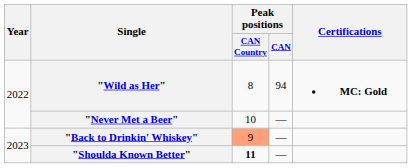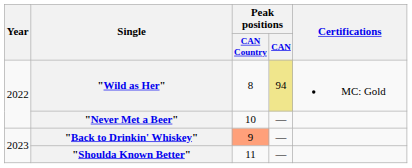 <table class="wikitable plainrowheaders" style="text-align:center;">
 <tr>
 <th rowspan="2">Year</th>
 <th rowspan="2" style="width:18em;">Single</th>
 <th colspan="2">Peak<br>positions</th>
 <th rowspan="2" style="width:10em;"><a href='#'>Certifications</a></th>
 </tr>
 <tr style="font-size:smaller;">
 <th><a href='#'>CAN<br>Country</a><br></th>
 <th><a href='#'>CAN</a><br></th>
 </tr>
 <tr>
 <td rowspan="2">2022</td>
 <th scope="row">"<a href='#'>Wild as Her</a>"</th>
 <td>8</td>
-<td>94</td>
-<td><strong><br><ul><li>MC: Gold</li></ul></strong></td>
+<td style="background: khaki;">94</td>
+<td><br><ul><li>MC: Gold</li></ul></td>
 </tr>
 <tr>
 <th scope="row">"<a href='#'>Never Met a Beer</a>"<br></th>
 <td>10</td>
 <td>—</td>
 <td></td>
 </tr>
 <tr>
 <td rowspan="2">2023</td>
 <th scope="row">"<a href='#'>Back to Drinkin' Whiskey</a>"</th>
 <td style="background: lightsalmon;">9</td>
 <td>—</td>
 <td></td>
 </tr>
 <tr>
 <th scope="row">"<a href='#'>Shoulda Known Better</a>"</th>
-<td><strong>11</strong></td>
+<td>11</td>
 <td>—</td>
 <td></td>
 </tr>
 </table>
